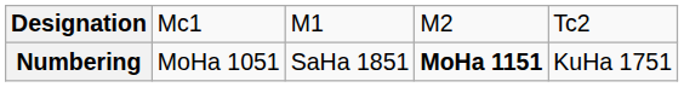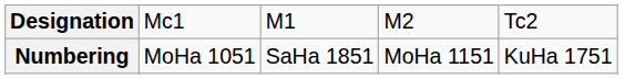 <table class="wikitable">
 <tr>
 <th>Designation</th>
 <td>Mc1</td>
 <td>M1</td>
 <td>M2</td>
 <td>Tc2</td>
 </tr>
 <tr>
 <th>Numbering</th>
 <td>MoHa 1051</td>
 <td>SaHa 1851</td>
-<td><strong>MoHa 1151</strong></td>
+<td>MoHa 1151</td>
 <td>KuHa 1751</td>
 </tr>
 </table>
